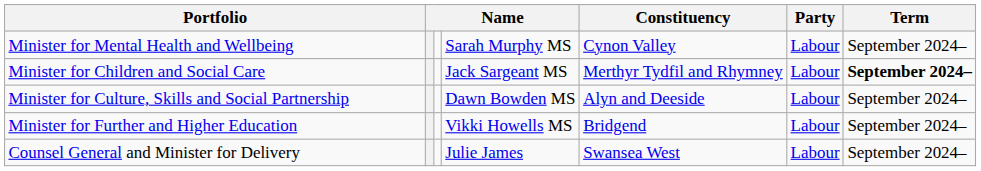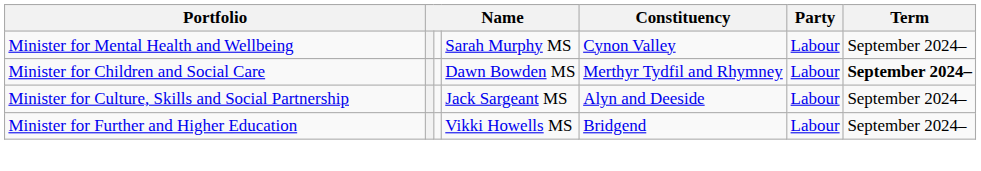 <table class="wikitable">
 <tr>
 <th style="width: 390px">Portfolio</th>
 <th colspan="3">Name</th>
 <th>Constituency</th>
 <th>Party</th>
 <th>Term</th>
 </tr>
 <tr>
 <td><a href='#'>Minister for Mental Health and Wellbeing</a></td>
 <th style="background-color: "></th>
 <td></td>
 <td><a href='#'>Sarah Murphy</a> MS</td>
 <td><a href='#'>Cynon Valley</a></td>
 <td><a href='#'>Labour</a></td>
 <td>September 2024–</td>
 </tr>
 <tr>
 <td><a href='#'>Minister for Children and Social Care</a></td>
 <th style="background-color: "></th>
 <td></td>
-<td><a href='#'>Jack Sargeant</a> MS</td>
+<td><a href='#'>Dawn Bowden</a> MS</td>
 <td><a href='#'>Merthyr Tydfil and Rhymney</a></td>
 <td><a href='#'>Labour</a></td>
 <td><strong>September 2024–</strong></td>
 </tr>
 <tr>
 <td><a href='#'>Minister for Culture, Skills and Social Partnership</a></td>
 <th style="background-color: "></th>
 <td></td>
-<td><a href='#'>Dawn Bowden</a> MS</td>
+<td><a href='#'>Jack Sargeant</a> MS</td>
 <td><a href='#'>Alyn and Deeside</a></td>
 <td><a href='#'>Labour</a></td>
 <td>September 2024–</td>
 </tr>
 <tr>
 <td><a href='#'>Minister for Further and Higher Education</a></td>
 <th style="background-color: "></th>
 <td></td>
 <td><a href='#'>Vikki Howells</a> MS</td>
 <td><a href='#'>Bridgend</a></td>
 <td><a href='#'>Labour</a></td>
 <td>September 2024–</td>
 </tr>
-<tr>
-<td><a href='#'>Counsel General</a> and Minister for Delivery</td>
-<th style="background-color: "></th>
-<td></td>
-<td><a href='#'>Julie James</a></td>
-<td><a href='#'>Swansea West</a></td>
-<td><a href='#'>Labour</a></td>
-<td>September 2024–</td>
-</tr>
 </table>
